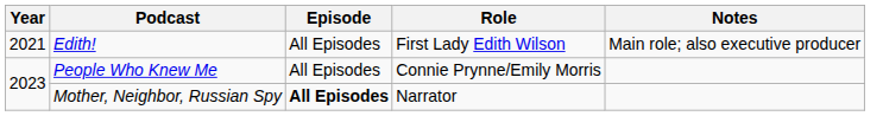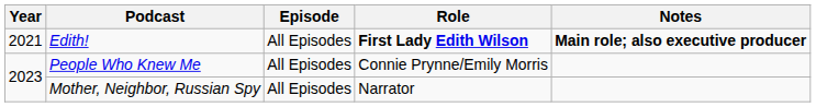 <table class="wikitable sortable">
 <tr>
 <th>Year</th>
 <th>Podcast</th>
 <th>Episode</th>
 <th>Role</th>
 <th>Notes</th>
 </tr>
 <tr>
 <td>2021</td>
 <td><em><a href='#'>Edith!</a></em></td>
 <td>All Episodes</td>
-<td>First Lady <a href='#'>Edith Wilson</a></td>
-<td>Main role; also executive producer</td>
+<td><strong>First Lady <a href='#'>Edith Wilson</a></strong></td>
+<td><strong>Main role; also executive producer</strong></td>
 </tr>
 <tr>
 <td rowspan="2">2023</td>
 <td><em><a href='#'>People Who Knew Me</a></em></td>
 <td>All Episodes</td>
 <td>Connie Prynne/Emily Morris</td>
 <td></td>
 </tr>
 <tr>
 <td><em>Mother, Neighbor, Russian Spy</em></td>
-<td><strong>All Episodes</strong></td>
+<td>All Episodes</td>
 <td>Narrator</td>
 <td></td>
 </tr>
 </table>
